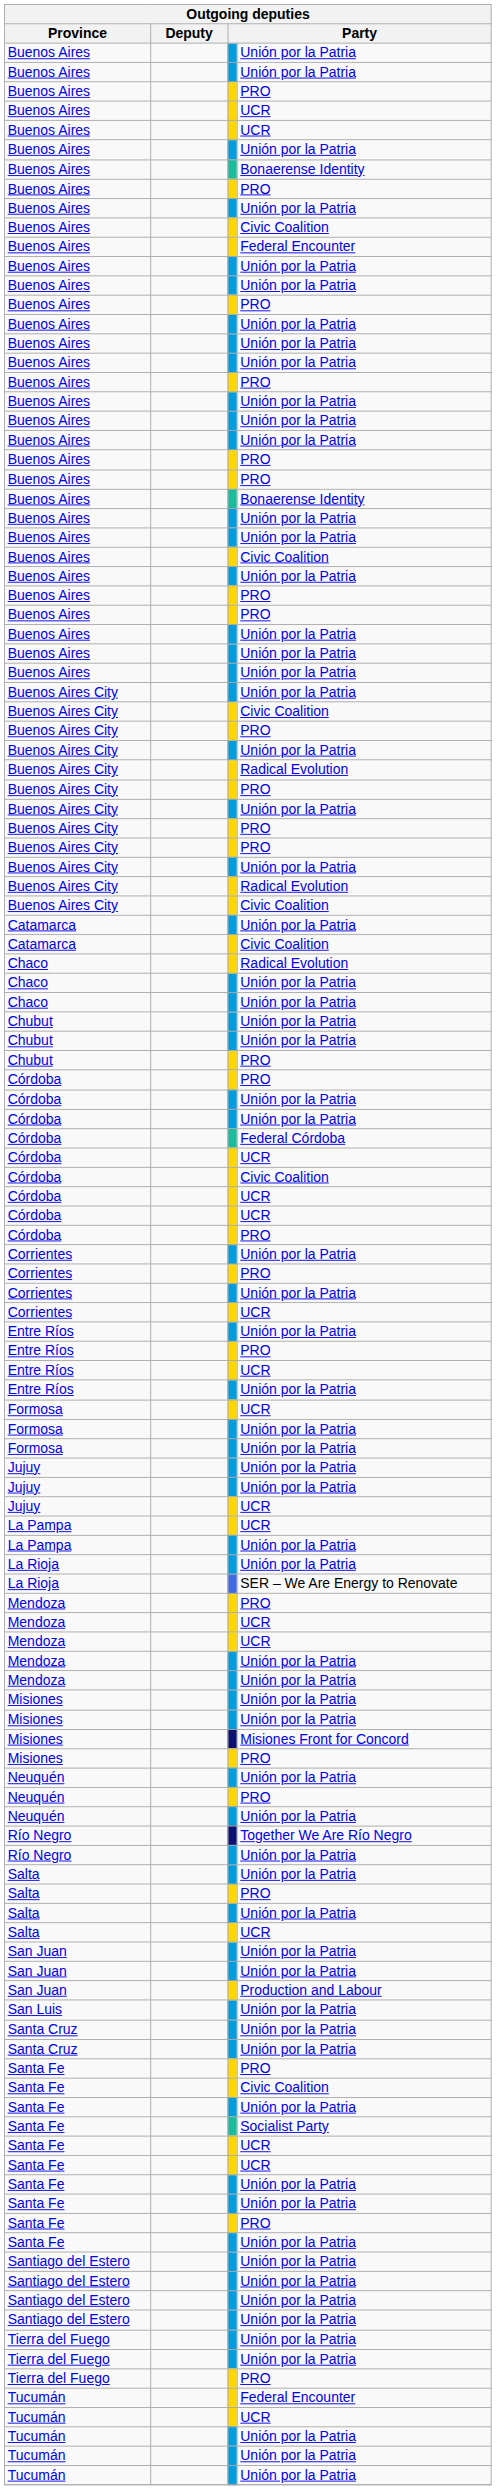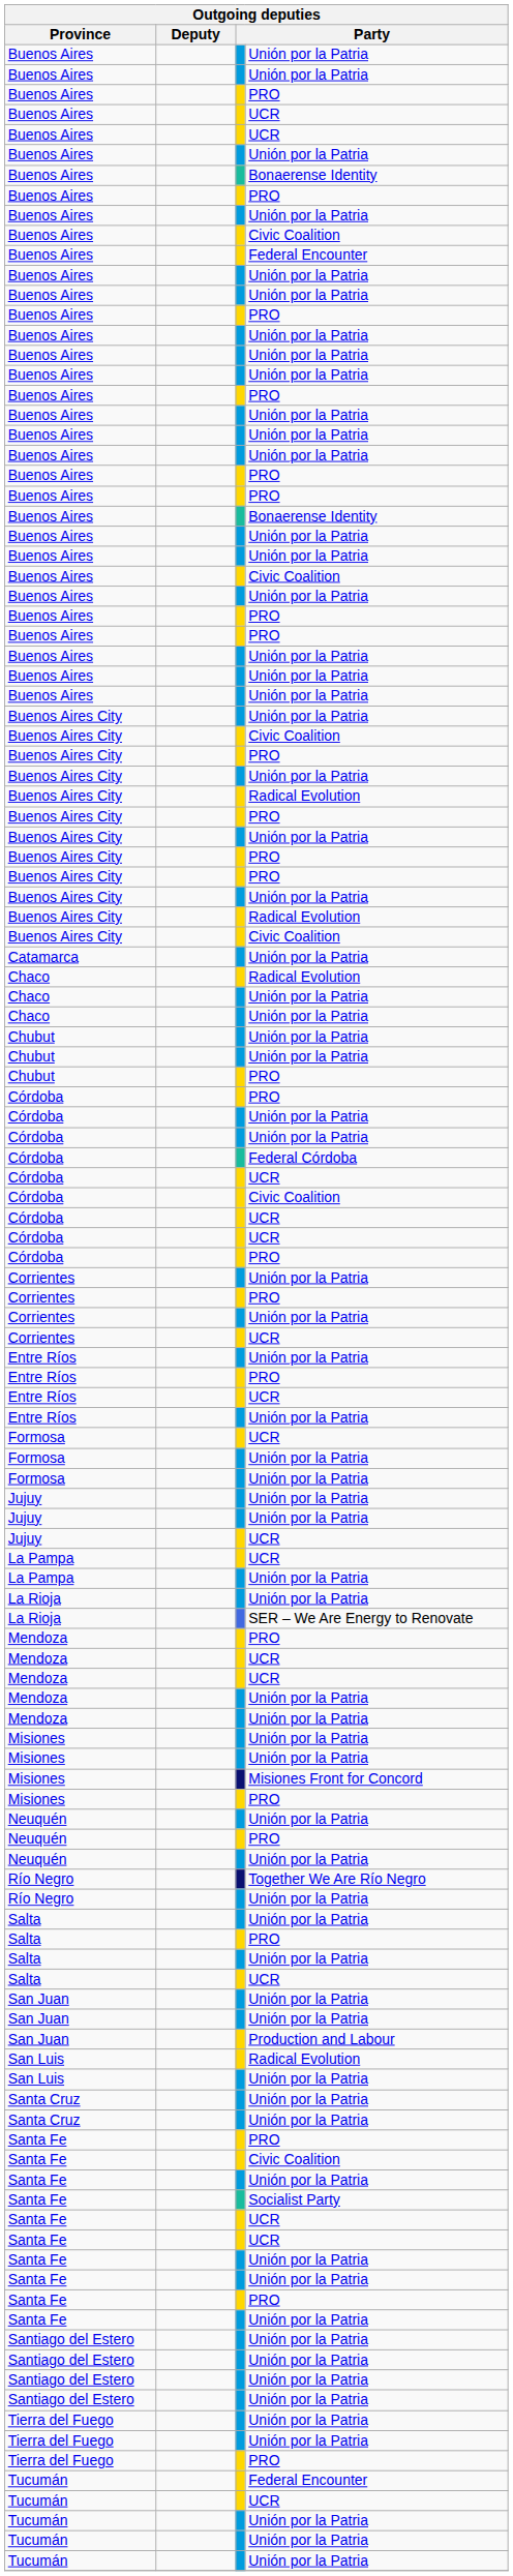 <table class="sortable wikitable collapsible collapsed" width=60% style="font-size:95%;line-height:14px;">
 <tr>
 <th width=60% colspan=4>Outgoing deputies</th>
 </tr>
 <tr>
 <th>Province</th>
 <th>Deputy</th>
 <th colspan=2>Party</th>
 </tr>
 <tr>
 <td><a href='#'>Buenos Aires</a></td>
 <td></td>
 <td style="background-color: #009cde" width=1%></td>
 <td><a href='#'>Unión por la Patria</a></td>
 </tr>
 <tr>
 <td><a href='#'>Buenos Aires</a></td>
 <td></td>
 <td style="background-color: #009cde" width=1%></td>
 <td><a href='#'>Unión por la Patria</a></td>
 </tr>
 <tr>
 <td><a href='#'>Buenos Aires</a></td>
 <td></td>
 <td style="background-color: #FFD700"></td>
 <td><a href='#'>PRO</a></td>
 </tr>
 <tr>
 <td><a href='#'>Buenos Aires</a></td>
 <td></td>
 <td style="background-color: #FFD700"></td>
 <td><a href='#'>UCR</a></td>
 </tr>
 <tr>
 <td><a href='#'>Buenos Aires</a></td>
 <td></td>
 <td style="background-color: #FFD700"></td>
 <td><a href='#'>UCR</a></td>
 </tr>
 <tr>
 <td><a href='#'>Buenos Aires</a></td>
 <td></td>
 <td style="background-color: #009cde" width=1%></td>
 <td><a href='#'>Unión por la Patria</a></td>
 </tr>
 <tr>
 <td><a href='#'>Buenos Aires</a></td>
 <td></td>
 <td style="background-color: #19bc9d"></td>
 <td><a href='#'>Bonaerense Identity</a></td>
 </tr>
 <tr>
 <td><a href='#'>Buenos Aires</a></td>
 <td></td>
 <td style="background-color: #FFD700"></td>
 <td><a href='#'>PRO</a></td>
 </tr>
 <tr>
 <td><a href='#'>Buenos Aires</a></td>
 <td></td>
 <td style="background-color: #009cde" width=1%></td>
 <td><a href='#'>Unión por la Patria</a></td>
 </tr>
 <tr>
 <td><a href='#'>Buenos Aires</a></td>
 <td></td>
 <td style="background-color: #FFD700"></td>
 <td><a href='#'>Civic Coalition</a></td>
 </tr>
 <tr>
 <td><a href='#'>Buenos Aires</a></td>
 <td></td>
 <td style="background-color: #FFD700"></td>
 <td><a href='#'>Federal Encounter</a></td>
 </tr>
 <tr>
 <td><a href='#'>Buenos Aires</a></td>
 <td></td>
 <td style="background-color: #009cde" width=1%></td>
 <td><a href='#'>Unión por la Patria</a></td>
 </tr>
 <tr>
 <td><a href='#'>Buenos Aires</a></td>
 <td></td>
 <td style="background-color: #009cde" width=1%></td>
 <td><a href='#'>Unión por la Patria</a></td>
 </tr>
 <tr>
 <td><a href='#'>Buenos Aires</a></td>
 <td></td>
 <td style="background-color: #FFD700"></td>
 <td><a href='#'>PRO</a></td>
 </tr>
 <tr>
 <td><a href='#'>Buenos Aires</a></td>
 <td></td>
 <td style="background-color: #009cde" width=1%></td>
 <td><a href='#'>Unión por la Patria</a></td>
 </tr>
 <tr>
 <td><a href='#'>Buenos Aires</a></td>
 <td></td>
 <td style="background-color: #009cde" width=1%></td>
 <td><a href='#'>Unión por la Patria</a></td>
 </tr>
 <tr>
 <td><a href='#'>Buenos Aires</a></td>
 <td></td>
 <td style="background-color: #009cde" width=1%></td>
 <td><a href='#'>Unión por la Patria</a></td>
 </tr>
 <tr>
 <td><a href='#'>Buenos Aires</a></td>
 <td></td>
 <td style="background-color: #FFD700"></td>
 <td><a href='#'>PRO</a></td>
 </tr>
 <tr>
 <td><a href='#'>Buenos Aires</a></td>
 <td></td>
 <td style="background-color: #009cde" width=1%></td>
 <td><a href='#'>Unión por la Patria</a></td>
 </tr>
 <tr>
 <td><a href='#'>Buenos Aires</a></td>
 <td></td>
 <td style="background-color: #009cde" width=1%></td>
 <td><a href='#'>Unión por la Patria</a></td>
 </tr>
 <tr>
 <td><a href='#'>Buenos Aires</a></td>
 <td></td>
 <td style="background-color: #009cde" width=1%></td>
 <td><a href='#'>Unión por la Patria</a></td>
 </tr>
 <tr>
 <td><a href='#'>Buenos Aires</a></td>
 <td></td>
 <td style="background-color: #FFD700"></td>
 <td><a href='#'>PRO</a></td>
 </tr>
 <tr>
 <td><a href='#'>Buenos Aires</a></td>
 <td></td>
 <td style="background-color: #FFD700"></td>
 <td><a href='#'>PRO</a></td>
 </tr>
 <tr>
 <td><a href='#'>Buenos Aires</a></td>
 <td></td>
 <td style="background-color: #19bc9d"></td>
 <td><a href='#'>Bonaerense Identity</a></td>
 </tr>
 <tr>
 <td><a href='#'>Buenos Aires</a></td>
 <td></td>
 <td style="background-color: #009cde" width=1%></td>
 <td><a href='#'>Unión por la Patria</a></td>
 </tr>
 <tr>
 <td><a href='#'>Buenos Aires</a></td>
 <td></td>
 <td style="background-color: #009cde" width=1%></td>
 <td><a href='#'>Unión por la Patria</a></td>
 </tr>
 <tr>
 <td><a href='#'>Buenos Aires</a></td>
 <td></td>
 <td style="background-color: #FFD700"></td>
 <td><a href='#'>Civic Coalition</a></td>
 </tr>
 <tr>
 <td><a href='#'>Buenos Aires</a></td>
 <td></td>
 <td style="background-color: #009cde" width=1%></td>
 <td><a href='#'>Unión por la Patria</a></td>
 </tr>
 <tr>
 <td><a href='#'>Buenos Aires</a></td>
 <td></td>
 <td style="background-color: #FFD700"></td>
 <td><a href='#'>PRO</a></td>
 </tr>
 <tr>
 <td><a href='#'>Buenos Aires</a></td>
 <td></td>
 <td style="background-color: #FFD700"></td>
 <td><a href='#'>PRO</a></td>
 </tr>
 <tr>
 <td><a href='#'>Buenos Aires</a></td>
 <td></td>
 <td style="background-color: #009cde" width=1%></td>
 <td><a href='#'>Unión por la Patria</a></td>
 </tr>
 <tr>
 <td><a href='#'>Buenos Aires</a></td>
 <td></td>
 <td style="background-color: #009cde" width=1%></td>
 <td><a href='#'>Unión por la Patria</a></td>
 </tr>
 <tr>
 <td><a href='#'>Buenos Aires</a></td>
 <td></td>
 <td style="background-color: #009cde" width=1%></td>
 <td><a href='#'>Unión por la Patria</a></td>
 </tr>
 <tr>
 <td><a href='#'>Buenos Aires City</a></td>
 <td></td>
 <td style="background-color: #009cde" width=1%></td>
 <td><a href='#'>Unión por la Patria</a></td>
 </tr>
 <tr>
 <td><a href='#'>Buenos Aires City</a></td>
 <td></td>
 <td style="background-color: #FFD700"></td>
 <td><a href='#'>Civic Coalition</a></td>
 </tr>
 <tr>
 <td><a href='#'>Buenos Aires City</a></td>
 <td></td>
 <td style="background-color: #FFD700"></td>
 <td><a href='#'>PRO</a></td>
 </tr>
 <tr>
 <td><a href='#'>Buenos Aires City</a></td>
 <td></td>
 <td style="background-color: #009cde" width=1%></td>
 <td><a href='#'>Unión por la Patria</a></td>
 </tr>
 <tr>
 <td><a href='#'>Buenos Aires City</a></td>
 <td></td>
 <td style="background-color: #FFD700"></td>
 <td><a href='#'>Radical Evolution</a></td>
 </tr>
 <tr>
 <td><a href='#'>Buenos Aires City</a></td>
 <td></td>
 <td style="background-color: #FFD700"></td>
 <td><a href='#'>PRO</a></td>
 </tr>
 <tr>
 <td><a href='#'>Buenos Aires City</a></td>
 <td></td>
 <td style="background-color: #009cde" width=1%></td>
 <td><a href='#'>Unión por la Patria</a></td>
 </tr>
 <tr>
 <td><a href='#'>Buenos Aires City</a></td>
 <td></td>
 <td style="background-color: #FFD700"></td>
 <td><a href='#'>PRO</a></td>
 </tr>
 <tr>
 <td><a href='#'>Buenos Aires City</a></td>
 <td></td>
 <td style="background-color: #FFD700"></td>
 <td><a href='#'>PRO</a></td>
 </tr>
 <tr>
 <td><a href='#'>Buenos Aires City</a></td>
 <td></td>
 <td style="background-color: #009cde" width=1%></td>
 <td><a href='#'>Unión por la Patria</a></td>
 </tr>
 <tr>
 <td><a href='#'>Buenos Aires City</a></td>
 <td></td>
 <td style="background-color: #FFD700"></td>
 <td><a href='#'>Radical Evolution</a></td>
 </tr>
 <tr>
 <td><a href='#'>Buenos Aires City</a></td>
 <td></td>
 <td style="background-color: #FFD700"></td>
 <td><a href='#'>Civic Coalition</a></td>
 </tr>
 <tr>
 <td><a href='#'>Catamarca</a></td>
 <td></td>
 <td style="background-color: #009cde" width=1%></td>
 <td><a href='#'>Unión por la Patria</a></td>
-</tr>
-<tr>
-<td><a href='#'>Catamarca</a></td>
-<td></td>
-<td style="background-color: #FFD700"></td>
-<td><a href='#'>Civic Coalition</a></td>
 </tr>
 <tr>
 <td><a href='#'>Chaco</a></td>
 <td></td>
 <td style="background-color: #FFD700"></td>
 <td><a href='#'>Radical Evolution</a></td>
 </tr>
 <tr>
 <td><a href='#'>Chaco</a></td>
 <td></td>
 <td style="background-color: #009cde" width=1%></td>
 <td><a href='#'>Unión por la Patria</a></td>
 </tr>
 <tr>
 <td><a href='#'>Chaco</a></td>
 <td></td>
 <td style="background-color: #009cde" width=1%></td>
 <td><a href='#'>Unión por la Patria</a></td>
 </tr>
 <tr>
 <td><a href='#'>Chubut</a></td>
 <td></td>
 <td style="background-color: #009cde" width=1%></td>
 <td><a href='#'>Unión por la Patria</a></td>
 </tr>
 <tr>
 <td><a href='#'>Chubut</a></td>
 <td></td>
 <td style="background-color: #009cde" width=1%></td>
 <td><a href='#'>Unión por la Patria</a></td>
 </tr>
 <tr>
 <td><a href='#'>Chubut</a></td>
 <td></td>
 <td style="background-color: #FFD700"></td>
 <td><a href='#'>PRO</a></td>
 </tr>
 <tr>
 <td><a href='#'>Córdoba</a></td>
 <td></td>
 <td style="background-color: #FFD700"></td>
 <td><a href='#'>PRO</a></td>
 </tr>
 <tr>
 <td><a href='#'>Córdoba</a></td>
 <td></td>
 <td style="background-color: #009cde" width=1%></td>
 <td><a href='#'>Unión por la Patria</a></td>
 </tr>
 <tr>
 <td><a href='#'>Córdoba</a></td>
 <td></td>
 <td style="background-color: #009cde" width=1%></td>
 <td><a href='#'>Unión por la Patria</a></td>
 </tr>
 <tr>
 <td><a href='#'>Córdoba</a></td>
 <td></td>
 <td style="background-color: #19bc9d"></td>
 <td><a href='#'>Federal Córdoba</a></td>
 </tr>
 <tr>
 <td><a href='#'>Córdoba</a></td>
 <td></td>
 <td style="background-color: #FFD700"></td>
 <td><a href='#'>UCR</a></td>
 </tr>
 <tr>
 <td><a href='#'>Córdoba</a></td>
 <td></td>
 <td style="background-color: #FFD700"></td>
 <td><a href='#'>Civic Coalition</a></td>
 </tr>
 <tr>
 <td><a href='#'>Córdoba</a></td>
 <td></td>
 <td style="background-color: #FFD700"></td>
 <td><a href='#'>UCR</a></td>
 </tr>
 <tr>
 <td><a href='#'>Córdoba</a></td>
 <td></td>
 <td style="background-color: #FFD700"></td>
 <td><a href='#'>UCR</a></td>
 </tr>
 <tr>
 <td><a href='#'>Córdoba</a></td>
 <td></td>
 <td style="background-color: #FFD700"></td>
 <td><a href='#'>PRO</a></td>
 </tr>
 <tr>
 <td><a href='#'>Corrientes</a></td>
 <td></td>
 <td style="background-color: #009cde" width=1%></td>
 <td><a href='#'>Unión por la Patria</a></td>
 </tr>
 <tr>
 <td><a href='#'>Corrientes</a></td>
 <td></td>
 <td style="background-color: #FFD700"></td>
 <td><a href='#'>PRO</a></td>
 </tr>
 <tr>
 <td><a href='#'>Corrientes</a></td>
 <td></td>
 <td style="background-color: #009cde" width=1%></td>
 <td><a href='#'>Unión por la Patria</a></td>
 </tr>
 <tr>
 <td><a href='#'>Corrientes</a></td>
 <td></td>
 <td style="background-color: #FFD700"></td>
 <td><a href='#'>UCR</a></td>
 </tr>
 <tr>
 <td><a href='#'>Entre Ríos</a></td>
 <td></td>
 <td style="background-color: #009cde" width=1%></td>
 <td><a href='#'>Unión por la Patria</a></td>
 </tr>
 <tr>
 <td><a href='#'>Entre Ríos</a></td>
 <td></td>
 <td style="background-color: #FFD700"></td>
 <td><a href='#'>PRO</a></td>
 </tr>
 <tr>
 <td><a href='#'>Entre Ríos</a></td>
 <td></td>
 <td style="background-color: #FFD700"></td>
 <td><a href='#'>UCR</a></td>
 </tr>
 <tr>
 <td><a href='#'>Entre Ríos</a></td>
 <td></td>
 <td style="background-color: #009cde" width=1%></td>
 <td><a href='#'>Unión por la Patria</a></td>
 </tr>
 <tr>
 <td><a href='#'>Formosa</a></td>
 <td></td>
 <td style="background-color: #FFD700"></td>
 <td><a href='#'>UCR</a></td>
 </tr>
 <tr>
 <td><a href='#'>Formosa</a></td>
 <td></td>
 <td style="background-color: #009cde" width=1%></td>
 <td><a href='#'>Unión por la Patria</a></td>
 </tr>
 <tr>
 <td><a href='#'>Formosa</a></td>
 <td></td>
 <td style="background-color: #009cde" width=1%></td>
 <td><a href='#'>Unión por la Patria</a></td>
 </tr>
 <tr>
 <td><a href='#'>Jujuy</a></td>
 <td></td>
 <td style="background-color: #009cde" width=1%></td>
 <td><a href='#'>Unión por la Patria</a></td>
 </tr>
 <tr>
 <td><a href='#'>Jujuy</a></td>
 <td></td>
 <td style="background-color: #009cde" width=1%></td>
 <td><a href='#'>Unión por la Patria</a></td>
 </tr>
 <tr>
 <td><a href='#'>Jujuy</a></td>
 <td></td>
 <td style="background-color: #FFD700"></td>
 <td><a href='#'>UCR</a></td>
 </tr>
 <tr>
 <td><a href='#'>La Pampa</a></td>
 <td></td>
 <td style="background-color: #FFD700"></td>
 <td><a href='#'>UCR</a></td>
 </tr>
 <tr>
 <td><a href='#'>La Pampa</a></td>
 <td></td>
 <td style="background-color: #009cde" width=1%></td>
 <td><a href='#'>Unión por la Patria</a></td>
 </tr>
 <tr>
 <td><a href='#'>La Rioja</a></td>
 <td></td>
 <td style="background-color: #009cde" width=1%></td>
 <td><a href='#'>Unión por la Patria</a></td>
 </tr>
 <tr>
 <td><a href='#'>La Rioja</a></td>
 <td></td>
 <td style="background-color: #4169E1" width=1%></td>
 <td>SER – We Are Energy to Renovate</td>
 </tr>
 <tr>
 <td><a href='#'>Mendoza</a></td>
 <td></td>
 <td style="background-color: #FFD700"></td>
 <td><a href='#'>PRO</a></td>
 </tr>
 <tr>
 <td><a href='#'>Mendoza</a></td>
 <td></td>
 <td style="background-color: #FFD700"></td>
 <td><a href='#'>UCR</a></td>
 </tr>
 <tr>
 <td><a href='#'>Mendoza</a></td>
 <td></td>
 <td style="background-color: #FFD700"></td>
 <td><a href='#'>UCR</a></td>
 </tr>
 <tr>
 <td><a href='#'>Mendoza</a></td>
 <td></td>
 <td style="background-color: #009cde" width=1%></td>
 <td><a href='#'>Unión por la Patria</a></td>
 </tr>
 <tr>
 <td><a href='#'>Mendoza</a></td>
 <td></td>
 <td style="background-color: #009cde" width=1%></td>
 <td><a href='#'>Unión por la Patria</a></td>
 </tr>
 <tr>
 <td><a href='#'>Misiones</a></td>
 <td></td>
 <td style="background-color: #009cde" width=1%></td>
 <td><a href='#'>Unión por la Patria</a></td>
 </tr>
 <tr>
 <td><a href='#'>Misiones</a></td>
 <td></td>
 <td style="background-color: #009cde" width=1%></td>
 <td><a href='#'>Unión por la Patria</a></td>
 </tr>
 <tr>
 <td><a href='#'>Misiones</a></td>
 <td></td>
 <td style="background-color: #0a1172" width=1%></td>
 <td><a href='#'>Misiones Front for Concord</a></td>
 </tr>
 <tr>
 <td><a href='#'>Misiones</a></td>
 <td></td>
 <td style="background-color: #FFD700"></td>
 <td><a href='#'>PRO</a></td>
 </tr>
 <tr>
 <td><a href='#'>Neuquén</a></td>
 <td></td>
 <td style="background-color: #009cde" width=1%></td>
 <td><a href='#'>Unión por la Patria</a></td>
 </tr>
 <tr>
 <td><a href='#'>Neuquén</a></td>
 <td></td>
 <td style="background-color: #FFD700"></td>
 <td><a href='#'>PRO</a></td>
 </tr>
 <tr>
 <td><a href='#'>Neuquén</a></td>
 <td></td>
 <td style="background-color: #009cde" width=1%></td>
 <td><a href='#'>Unión por la Patria</a></td>
 </tr>
 <tr>
 <td><a href='#'>Río Negro</a></td>
 <td></td>
 <td style="background-color: #0a1172" width=1%></td>
 <td><a href='#'>Together We Are Río Negro</a></td>
 </tr>
 <tr>
 <td><a href='#'>Río Negro</a></td>
 <td></td>
 <td style="background-color: #009cde" width=1%></td>
 <td><a href='#'>Unión por la Patria</a></td>
 </tr>
 <tr>
 <td><a href='#'>Salta</a></td>
 <td></td>
 <td style="background-color: #009cde" width=1%></td>
 <td><a href='#'>Unión por la Patria</a></td>
 </tr>
 <tr>
 <td><a href='#'>Salta</a></td>
 <td></td>
 <td style="background-color: #FFD700"></td>
 <td><a href='#'>PRO</a></td>
 </tr>
 <tr>
 <td><a href='#'>Salta</a></td>
 <td></td>
 <td style="background-color: #009cde" width=1%></td>
 <td><a href='#'>Unión por la Patria</a></td>
 </tr>
 <tr>
 <td><a href='#'>Salta</a></td>
 <td></td>
 <td style="background-color: #FFD700"></td>
 <td><a href='#'>UCR</a></td>
 </tr>
 <tr>
 <td><a href='#'>San Juan</a></td>
 <td></td>
 <td style="background-color: #009cde" width=1%></td>
 <td><a href='#'>Unión por la Patria</a></td>
 </tr>
 <tr>
 <td><a href='#'>San Juan</a></td>
 <td></td>
 <td style="background-color: #009cde" width=1%></td>
 <td><a href='#'>Unión por la Patria</a></td>
 </tr>
 <tr>
 <td><a href='#'>San Juan</a></td>
 <td></td>
 <td style="background-color: #FFD700"></td>
 <td><a href='#'>Production and Labour</a></td>
 </tr>
 <tr>
 <td><a href='#'>San Luis</a></td>
 <td></td>
+<td style="background-color: #FFD700"></td>
+<td><a href='#'>Radical Evolution</a></td>
+</tr>
+<tr>
+<td><a href='#'>San Luis</a></td>
+<td></td>
 <td style="background-color: #009cde" width=1%></td>
 <td><a href='#'>Unión por la Patria</a></td>
 </tr>
 <tr>
 <td><a href='#'>Santa Cruz</a></td>
 <td></td>
 <td style="background-color: #009cde" width=1%></td>
 <td><a href='#'>Unión por la Patria</a></td>
 </tr>
 <tr>
 <td><a href='#'>Santa Cruz</a></td>
 <td></td>
 <td style="background-color: #009cde" width=1%></td>
 <td><a href='#'>Unión por la Patria</a></td>
 </tr>
 <tr>
 <td><a href='#'>Santa Fe</a></td>
 <td></td>
 <td style="background-color: #FFD700"></td>
 <td><a href='#'>PRO</a></td>
 </tr>
 <tr>
 <td><a href='#'>Santa Fe</a></td>
 <td></td>
 <td style="background-color: #FFD700"></td>
 <td><a href='#'>Civic Coalition</a></td>
 </tr>
 <tr>
 <td><a href='#'>Santa Fe</a></td>
 <td></td>
 <td style="background-color: #009cde" width=1%></td>
 <td><a href='#'>Unión por la Patria</a></td>
 </tr>
 <tr>
 <td><a href='#'>Santa Fe</a></td>
 <td></td>
 <td style="background-color: #19bc9d"></td>
 <td><a href='#'>Socialist Party</a></td>
 </tr>
 <tr>
 <td><a href='#'>Santa Fe</a></td>
 <td></td>
 <td style="background-color: #FFD700"></td>
 <td><a href='#'>UCR</a></td>
 </tr>
 <tr>
 <td><a href='#'>Santa Fe</a></td>
 <td></td>
 <td style="background-color: #FFD700"></td>
 <td><a href='#'>UCR</a></td>
 </tr>
 <tr>
 <td><a href='#'>Santa Fe</a></td>
 <td></td>
 <td style="background-color: #009cde" width=1%></td>
 <td><a href='#'>Unión por la Patria</a></td>
 </tr>
 <tr>
 <td><a href='#'>Santa Fe</a></td>
 <td></td>
 <td style="background-color: #009cde" width=1%></td>
 <td><a href='#'>Unión por la Patria</a></td>
 </tr>
 <tr>
 <td><a href='#'>Santa Fe</a></td>
 <td></td>
 <td style="background-color: #FFD700"></td>
 <td><a href='#'>PRO</a></td>
 </tr>
 <tr>
 <td><a href='#'>Santa Fe</a></td>
 <td></td>
 <td style="background-color: #009cde" width=1%></td>
 <td><a href='#'>Unión por la Patria</a></td>
 </tr>
 <tr>
 <td><a href='#'>Santiago del Estero</a></td>
 <td></td>
 <td style="background-color: #009cde" width=1%></td>
 <td><a href='#'>Unión por la Patria</a></td>
 </tr>
 <tr>
 <td><a href='#'>Santiago del Estero</a></td>
 <td></td>
 <td style="background-color: #009cde" width=1%></td>
 <td><a href='#'>Unión por la Patria</a></td>
 </tr>
 <tr>
 <td><a href='#'>Santiago del Estero</a></td>
 <td></td>
 <td style="background-color: #009cde" width=1%></td>
 <td><a href='#'>Unión por la Patria</a></td>
 </tr>
 <tr>
 <td><a href='#'>Santiago del Estero</a></td>
 <td></td>
 <td style="background-color: #009cde" width=1%></td>
 <td><a href='#'>Unión por la Patria</a></td>
 </tr>
 <tr>
 <td><a href='#'>Tierra del Fuego</a></td>
 <td></td>
 <td style="background-color: #009cde" width=1%></td>
 <td><a href='#'>Unión por la Patria</a></td>
 </tr>
 <tr>
 <td><a href='#'>Tierra del Fuego</a></td>
 <td></td>
 <td style="background-color: #009cde" width=1%></td>
 <td><a href='#'>Unión por la Patria</a></td>
 </tr>
 <tr>
 <td><a href='#'>Tierra del Fuego</a></td>
 <td></td>
 <td style="background-color: #FFD700"></td>
 <td><a href='#'>PRO</a></td>
 </tr>
 <tr>
 <td><a href='#'>Tucumán</a></td>
 <td></td>
 <td style="background-color: #FFD700"></td>
 <td><a href='#'>Federal Encounter</a></td>
 </tr>
 <tr>
 <td><a href='#'>Tucumán</a></td>
 <td></td>
 <td style="background-color: #FFD700"></td>
 <td><a href='#'>UCR</a></td>
 </tr>
 <tr>
 <td><a href='#'>Tucumán</a></td>
 <td></td>
 <td style="background-color: #009cde" width=1%></td>
 <td><a href='#'>Unión por la Patria</a></td>
 </tr>
 <tr>
 <td><a href='#'>Tucumán</a></td>
 <td></td>
 <td style="background-color: #009cde" width=1%></td>
 <td><a href='#'>Unión por la Patria</a></td>
 </tr>
 <tr>
 <td><a href='#'>Tucumán</a></td>
 <td></td>
 <td style="background-color: #009cde" width=1%></td>
 <td><a href='#'>Unión por la Patria</a></td>
 </tr>
 <tr>
 </tr>
 </table>
